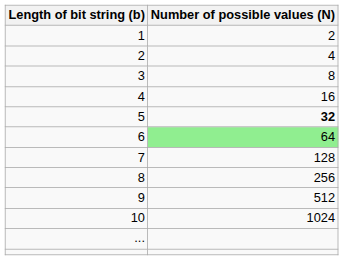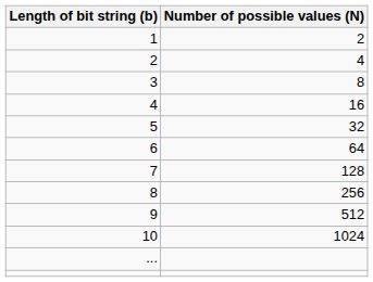 <table class="wikitable" style="float: right; clear:right; margin-left:1em; text-align:right;">
 <tr>
 <th>Length of bit string (b)</th>
 <th>Number of possible values (N)</th>
 </tr>
 <tr>
 <td>1</td>
 <td>2</td>
 </tr>
 <tr>
 <td>2</td>
 <td>4</td>
 </tr>
 <tr>
 <td>3</td>
 <td>8</td>
 </tr>
 <tr>
 <td>4</td>
 <td>16</td>
 </tr>
 <tr>
 <td>5</td>
-<td><strong>32</strong></td>
+<td>32</td>
 </tr>
 <tr>
 <td>6</td>
-<td style="background: lightgreen;">64</td>
+<td>64</td>
 </tr>
 <tr>
 <td>7</td>
 <td>128</td>
 </tr>
 <tr>
 <td>8</td>
 <td>256</td>
 </tr>
 <tr>
 <td>9</td>
 <td>512</td>
 </tr>
 <tr>
 <td>10</td>
 <td>1024</td>
 </tr>
 <tr>
 <td>...</td>
 <td></td>
 </tr>
 <tr>
 <td></td>
 <td></td>
 </tr>
 </table>
